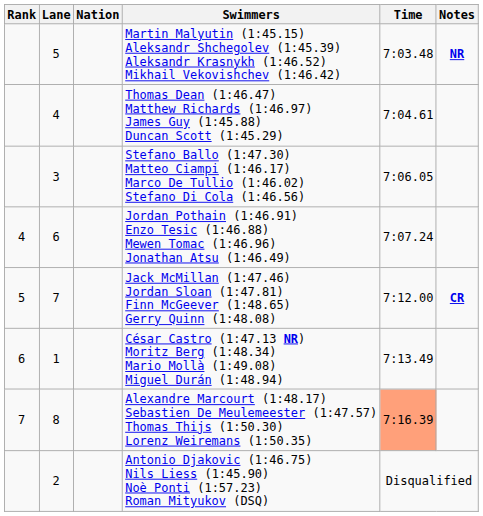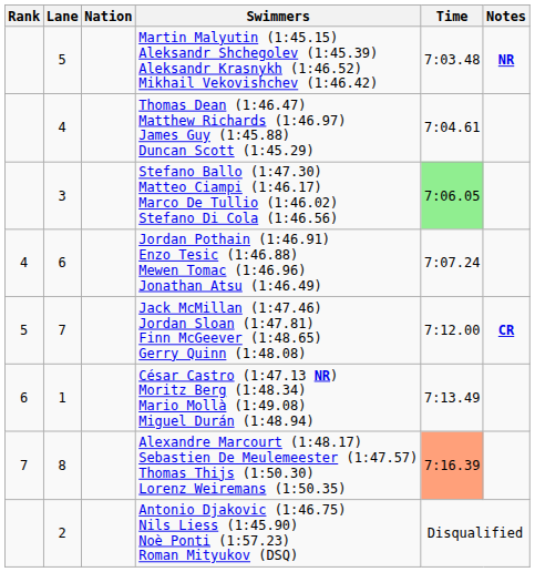 <table class="wikitable sortable" style="text-align:center">
 <tr>
 <th>Rank</th>
 <th>Lane</th>
 <th>Nation</th>
 <th>Swimmers</th>
 <th>Time</th>
 <th>Notes</th>
 </tr>
 <tr>
 <td></td>
 <td>5</td>
 <td align=left></td>
 <td align=left><a href='#'>Martin Malyutin</a> (1:45.15)<br><a href='#'>Aleksandr Shchegolev</a> (1:45.39)<br><a href='#'>Aleksandr Krasnykh</a> (1:46.52)<br><a href='#'>Mikhail Vekovishchev</a> (1:46.42)</td>
 <td>7:03.48</td>
 <td><strong><a href='#'>NR</a></strong></td>
 </tr>
 <tr>
 <td></td>
 <td>4</td>
 <td align=left></td>
 <td align=left><a href='#'>Thomas Dean</a> (1:46.47)<br><a href='#'>Matthew Richards</a> (1:46.97)<br><a href='#'>James Guy</a> (1:45.88)<br><a href='#'>Duncan Scott</a> (1:45.29)</td>
 <td>7:04.61</td>
 <td></td>
 </tr>
 <tr>
 <td></td>
 <td>3</td>
 <td align=left></td>
 <td align=left><a href='#'>Stefano Ballo</a> (1:47.30)<br><a href='#'>Matteo Ciampi</a> (1:46.17)<br><a href='#'>Marco De Tullio</a> (1:46.02)<br><a href='#'>Stefano Di Cola</a> (1:46.56)</td>
-<td>7:06.05</td>
+<td style="background: lightgreen;">7:06.05</td>
 <td></td>
 </tr>
 <tr>
 <td>4</td>
 <td>6</td>
 <td align=left></td>
 <td align=left><a href='#'>Jordan Pothain</a> (1:46.91)<br><a href='#'>Enzo Tesic</a> (1:46.88)<br><a href='#'>Mewen Tomac</a> (1:46.96)<br><a href='#'>Jonathan Atsu</a> (1:46.49)</td>
 <td>7:07.24</td>
 <td></td>
 </tr>
 <tr>
 <td>5</td>
 <td>7</td>
 <td align=left></td>
 <td align=left><a href='#'>Jack McMillan</a> (1:47.46)<br><a href='#'>Jordan Sloan</a> (1:47.81)<br><a href='#'>Finn McGeever</a> (1:48.65)<br><a href='#'>Gerry Quinn</a> (1:48.08)</td>
 <td>7:12.00</td>
 <td><strong><a href='#'>CR</a></strong></td>
 </tr>
 <tr>
 <td>6</td>
 <td>1</td>
 <td align=left></td>
 <td align=left><a href='#'>César Castro</a> (1:47.13 <strong><a href='#'>NR</a></strong>)<br><a href='#'>Moritz Berg</a> (1:48.34)<br><a href='#'>Mario Mollà</a> (1:49.08) <br><a href='#'>Miguel Durán</a> (1:48.94)</td>
 <td>7:13.49</td>
 <td></td>
 </tr>
 <tr>
 <td>7</td>
 <td>8</td>
 <td align=left></td>
 <td align=left><a href='#'>Alexandre Marcourt</a> (1:48.17)<br><a href='#'>Sebastien De Meulemeester</a> (1:47.57)<br><a href='#'>Thomas Thijs</a> (1:50.30)<br><a href='#'>Lorenz Weiremans</a> (1:50.35)</td>
 <td style="background: lightsalmon;">7:16.39</td>
 <td></td>
 </tr>
 <tr>
 <td></td>
 <td>2</td>
 <td align=left></td>
 <td align=left><a href='#'>Antonio Djakovic</a> (1:46.75)<br><a href='#'>Nils Liess</a> (1:45.90)<br><a href='#'>Noè Ponti</a> (1:57.23)<br><a href='#'>Roman Mityukov</a> (DSQ)</td>
 <td colspan=2>Disqualified</td>
 </tr>
 </table>
